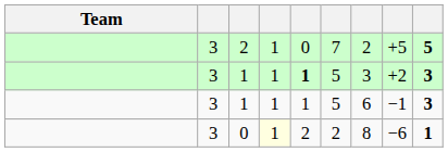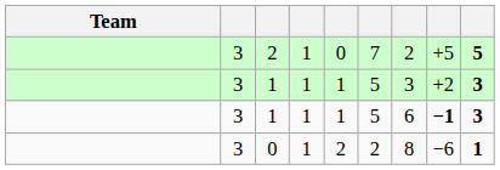 <table class="wikitable" style="text-align:center;">
 <tr>
 <th width=165>Team</th>
 <th width=20></th>
 <th width=20></th>
 <th width=20></th>
 <th width=20></th>
 <th width=20></th>
 <th width=20></th>
 <th width=20></th>
 <th width=20></th>
 </tr>
 <tr bgcolor="#ccffcc">
 <td align="left"></td>
 <td>3</td>
 <td>2</td>
 <td>1</td>
 <td>0</td>
 <td>7</td>
 <td>2</td>
 <td>+5</td>
 <td><strong>5</strong></td>
 </tr>
 <tr bgcolor="#ccffcc">
 <td align="left"></td>
 <td>3</td>
 <td>1</td>
 <td>1</td>
-<td><strong>1</strong></td>
+<td>1</td>
 <td>5</td>
 <td>3</td>
 <td>+2</td>
 <td><strong>3</strong></td>
 </tr>
 <tr>
 <td align="left"></td>
 <td>3</td>
 <td>1</td>
 <td>1</td>
 <td>1</td>
 <td>5</td>
 <td>6</td>
-<td>−1</td>
+<td><strong>−1</strong></td>
 <td><strong>3</strong></td>
 </tr>
 <tr>
 <td align="left"></td>
 <td>3</td>
 <td>0</td>
-<td style="background: lightyellow;">1</td>
+<td>1</td>
 <td>2</td>
 <td>2</td>
 <td>8</td>
 <td>−6</td>
 <td><strong>1</strong></td>
 </tr>
 </table>
